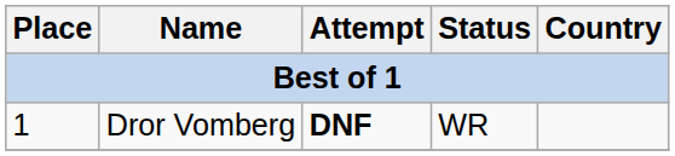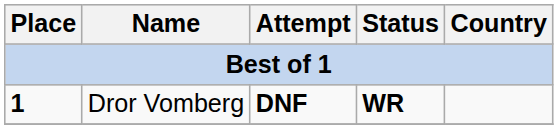 <table class="wikitable sortable">
 <tr>
 <th>Place</th>
 <th class="unsortable">Name</th>
 <th>Attempt</th>
 <th class="unsortable">Status</th>
 <th class="unsortable">Country</th>
 </tr>
 <tr>
 <th colspan="8" style="text-align:center; background:#C3D6EF;">Best of 1</th>
 </tr>
 <tr>
-<td>1</td>
+<td><strong>1</strong></td>
 <td>Dror Vomberg</td>
 <td><strong>DNF</strong></td>
-<td>WR</td>
+<td><strong>WR</strong></td>
 <td></td>
 </tr>
 <tr>
 </tr>
 </table>
